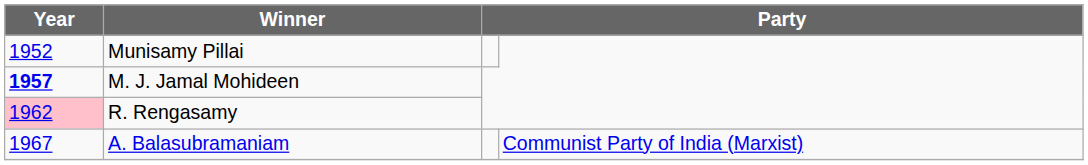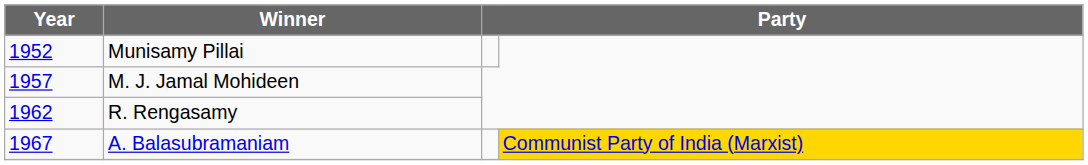 <table class="wikitable" width="70%">
 <tr>
 <th style="background-color:#666666; color:white">Year</th>
 <th style="background-color:#666666; color:white">Winner</th>
 <th style="background-color:#666666; color:white" colspan="2">Party</th>
 </tr>
 <tr>
 <td><a href='#'>1952</a></td>
 <td>Munisamy Pillai</td>
 <td></td>
 </tr>
 <tr>
-<td><strong><a href='#'>1957</a></strong></td>
+<td><a href='#'>1957</a></td>
 <td>M. J. Jamal Mohideen</td>
 </tr>
 <tr>
-<td style="background: pink;"><a href='#'>1962</a></td>
+<td><a href='#'>1962</a></td>
 <td>R. Rengasamy</td>
 </tr>
 <tr>
 <td><a href='#'>1967</a></td>
 <td><a href='#'>A. Balasubramaniam</a></td>
 <td></td>
-<td><a href='#'>Communist Party of India (Marxist)</a></td>
+<td style="background: gold;"><a href='#'>Communist Party of India (Marxist)</a></td>
 </tr>
 <tr>
 </tr>
 </table>
